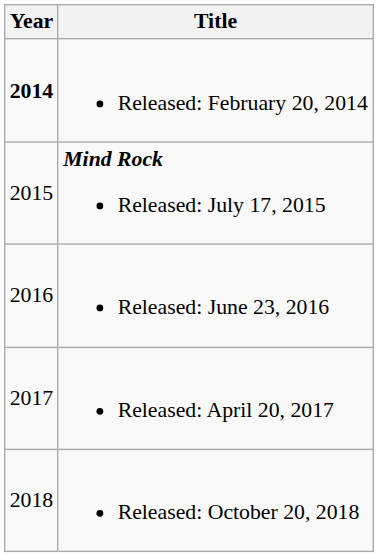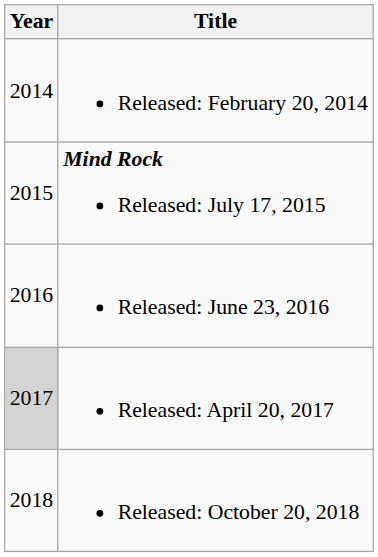 <table class="wikitable">
 <tr>
 <th>Year</th>
 <th>Title</th>
 </tr>
 <tr>
-<td><strong>2014</strong></td>
+<td>2014</td>
 <td><br><ul><li>Released: February 20, 2014</li></ul></td>
 </tr>
 <tr>
 <td>2015</td>
 <td><strong><em>Mind Rock</em></strong><br><ul><li>Released: July 17, 2015</li></ul></td>
 </tr>
 <tr>
 <td>2016</td>
 <td><br><ul><li>Released: June 23, 2016</li></ul></td>
 </tr>
 <tr>
-<td>2017</td>
+<td style="background: lightgrey;">2017</td>
 <td><br><ul><li>Released: April 20, 2017</li></ul></td>
 </tr>
 <tr>
 <td>2018</td>
 <td><br><ul><li>Released: October 20, 2018</li></ul></td>
 </tr>
 </table>
